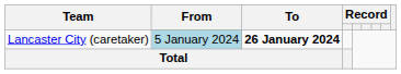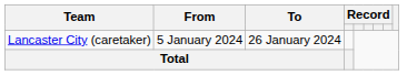 <table class="wikitable" style="text-align: center">
 <tr>
 <th rowspan=2>Team</th>
 <th rowspan=2>From</th>
 <th rowspan=2>To</th>
 <th colspan=5>Record</th>
 <th rowspan=2></th>
 </tr>
 <tr>
 <th></th>
 <th></th>
 <th></th>
 <th></th>
 <th></th>
 </tr>
 <tr>
 <td align=left><a href='#'>Lancaster City</a> (caretaker)</td>
-<td align=left style="background: lightblue;">5 January 2024</td>
-<td align=left><strong>26 January 2024<br></strong></td>
+<td align=left>5 January 2024</td>
+<td align=left>26 January 2024<br></td>
 <td></td>
 </tr>
 <tr>
 <th colspan="3">Total<br></th>
 <th></th>
 </tr>
 </table>
